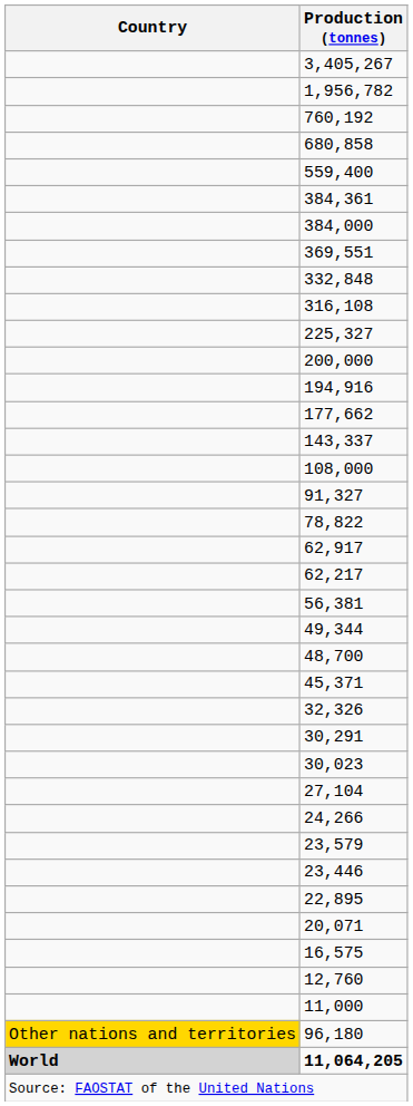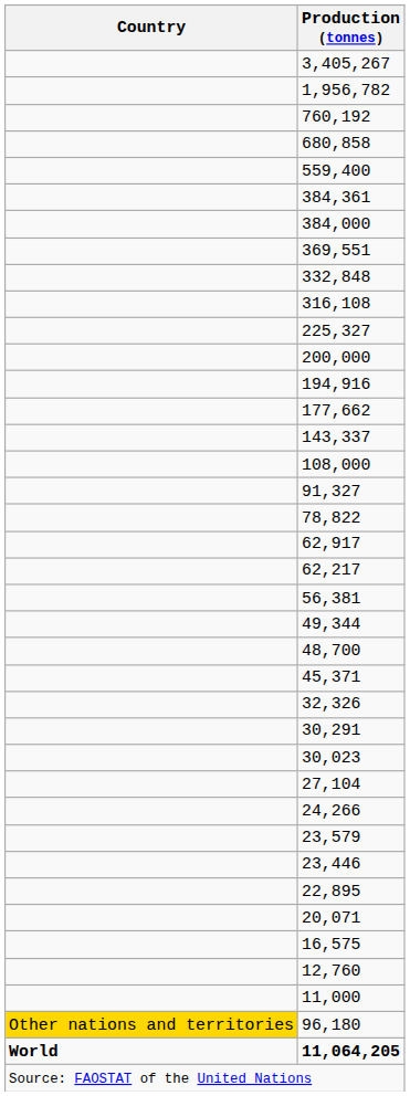 <table class="wikitable sortable col2right" border="1">
 <tr>
 <th>Country</th>
 <th scope="col">Production<br><small>(<a href='#'>tonnes</a>)</small></th>
 </tr>
 <tr>
 <td></td>
 <td>3,405,267</td>
 </tr>
 <tr>
 <td></td>
 <td>1,956,782</td>
 </tr>
 <tr>
 <td></td>
 <td>760,192</td>
 </tr>
 <tr>
 <td></td>
 <td>680,858</td>
 </tr>
 <tr>
 <td></td>
 <td>559,400</td>
 </tr>
 <tr>
 <td></td>
 <td>384,361</td>
 </tr>
 <tr>
 <td></td>
 <td>384,000</td>
 </tr>
 <tr>
 <td></td>
 <td>369,551</td>
 </tr>
 <tr>
 <td></td>
 <td>332,848</td>
 </tr>
 <tr>
 <td></td>
 <td>316,108</td>
 </tr>
 <tr>
 <td></td>
 <td>225,327</td>
 </tr>
 <tr>
 <td></td>
 <td>200,000</td>
 </tr>
 <tr>
 <td></td>
 <td>194,916</td>
 </tr>
 <tr>
 <td></td>
 <td>177,662</td>
 </tr>
 <tr>
 <td></td>
 <td>143,337</td>
 </tr>
 <tr>
 <td></td>
 <td>108,000</td>
 </tr>
 <tr>
 <td></td>
 <td>91,327</td>
 </tr>
 <tr>
 <td></td>
 <td>78,822</td>
 </tr>
 <tr>
 <td></td>
 <td>62,917</td>
 </tr>
 <tr>
 <td></td>
 <td>62,217</td>
 </tr>
 <tr>
 <td></td>
 <td>56,381</td>
 </tr>
 <tr>
 <td></td>
 <td>49,344</td>
 </tr>
 <tr>
 <td></td>
 <td>48,700</td>
 </tr>
 <tr>
 <td></td>
 <td>45,371</td>
 </tr>
 <tr>
 <td></td>
 <td>32,326</td>
 </tr>
 <tr>
 <td></td>
 <td>30,291</td>
 </tr>
 <tr>
 <td></td>
 <td>30,023</td>
 </tr>
 <tr>
 <td></td>
 <td>27,104</td>
 </tr>
 <tr>
 <td></td>
 <td>24,266</td>
 </tr>
 <tr>
 <td></td>
 <td>23,579</td>
 </tr>
 <tr>
 <td></td>
 <td>23,446</td>
 </tr>
 <tr>
 <td></td>
 <td>22,895</td>
 </tr>
 <tr>
 <td></td>
 <td>20,071</td>
 </tr>
 <tr>
 <td></td>
 <td>16,575</td>
 </tr>
 <tr>
 <td></td>
 <td>12,760</td>
 </tr>
 <tr>
 <td></td>
 <td>11,000</td>
 </tr>
 <tr>
 <td style="background: gold;">Other nations and territories</td>
 <td>96,180</td>
 </tr>
 <tr>
-<td style="background: lightgrey;"><strong>World</strong></td>
+<td><strong>World</strong></td>
 <td><strong>11,064,205</strong></td>
 </tr>
 <tr>
 <td colspan="2"><small>Source: <a href='#'>FAOSTAT</a> of the <a href='#'>United Nations</a></small></td>
 </tr>
 </table>
